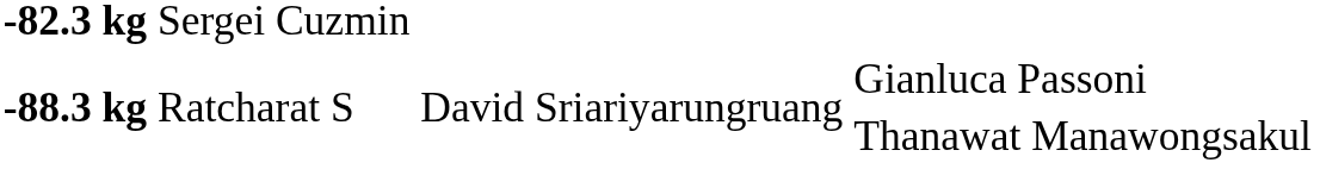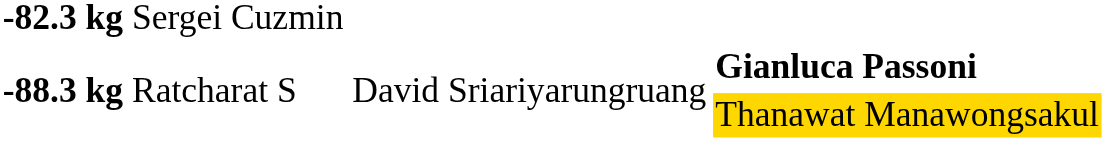 <table>
 <tr>
 <th scope=row rowspan=2>-82.3 kg</th>
 <td rowspan=2> Sergei Cuzmin</td>
 <td rowspan=2></td>
 <td></td>
 </tr>
 <tr>
 <td></td>
 </tr>
 <tr>
 <th scope=row rowspan=2>-88.3 kg</th>
 <td rowspan=2> Ratcharat S</td>
 <td rowspan=2> David Sriariyarungruang</td>
-<td> Gianluca Passoni</td>
+<td><strong> Gianluca Passoni</strong></td>
 </tr>
 <tr>
-<td> Thanawat Manawongsakul</td>
+<td style="background: gold;"> Thanawat Manawongsakul</td>
 </tr>
 <tr>
 </tr>
 </table>
